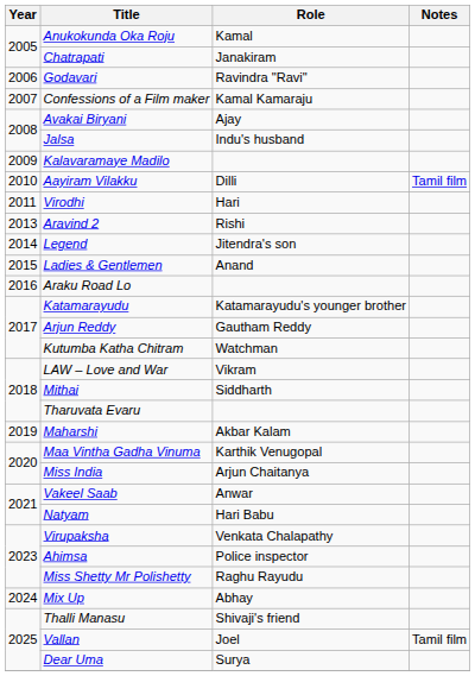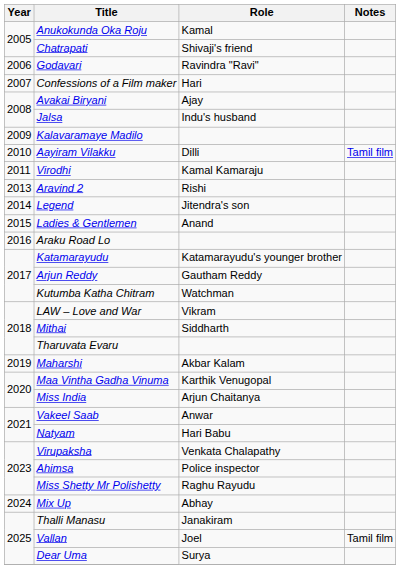 <table class="wikitable sortable">
 <tr>
 <th>Year</th>
 <th>Title</th>
 <th>Role</th>
 <th>Notes</th>
 </tr>
 <tr>
 <td rowspan="2">2005</td>
 <td><em><a href='#'>Anukokunda Oka Roju</a></em></td>
 <td>Kamal</td>
 <td></td>
 </tr>
 <tr>
 <td><em><a href='#'>Chatrapati</a></em></td>
-<td>Janakiram</td>
+<td>Shivaji's friend</td>
 <td></td>
 </tr>
 <tr>
 <td>2006</td>
 <td><em><a href='#'>Godavari</a></em></td>
 <td>Ravindra "Ravi"</td>
 <td></td>
 </tr>
 <tr>
 <td>2007</td>
 <td><em>Confessions of a Film maker</em></td>
-<td>Kamal Kamaraju</td>
+<td>Hari</td>
 <td></td>
 </tr>
 <tr>
 <td rowspan="2">2008</td>
 <td><em><a href='#'>Avakai Biryani</a></em></td>
 <td>Ajay</td>
 <td></td>
 </tr>
 <tr>
 <td><em><a href='#'>Jalsa</a></em></td>
 <td>Indu's husband</td>
 <td></td>
 </tr>
 <tr>
 <td>2009</td>
 <td><em><a href='#'>Kalavaramaye Madilo</a></em></td>
 <td></td>
 <td></td>
 </tr>
 <tr>
 <td>2010</td>
 <td><em><a href='#'>Aayiram Vilakku</a></em></td>
 <td>Dilli</td>
 <td><a href='#'>Tamil film</a></td>
 </tr>
 <tr>
 <td>2011</td>
 <td><em><a href='#'>Virodhi</a></em></td>
-<td>Hari</td>
+<td>Kamal Kamaraju</td>
 <td></td>
 </tr>
 <tr>
 <td>2013</td>
 <td><em><a href='#'>Aravind 2</a></em></td>
 <td>Rishi</td>
 <td></td>
 </tr>
 <tr>
 <td>2014</td>
 <td><em><a href='#'>Legend</a></em></td>
 <td>Jitendra's son</td>
 <td></td>
 </tr>
 <tr>
 <td>2015</td>
 <td><em><a href='#'>Ladies & Gentlemen</a></em></td>
 <td>Anand</td>
 <td></td>
 </tr>
 <tr>
 <td>2016</td>
 <td><em>Araku Road Lo</em></td>
 <td></td>
 <td></td>
 </tr>
 <tr>
 <td rowspan="3">2017</td>
 <td><em><a href='#'>Katamarayudu</a></em></td>
 <td>Katamarayudu's younger brother</td>
 <td></td>
 </tr>
 <tr>
 <td><em><a href='#'>Arjun Reddy</a></em></td>
 <td>Gautham Reddy</td>
 <td></td>
 </tr>
 <tr>
 <td><em>Kutumba Katha Chitram</em></td>
 <td>Watchman</td>
 <td></td>
 </tr>
 <tr>
 <td rowspan="3">2018</td>
 <td><em>LAW – Love and War</em></td>
 <td>Vikram</td>
 <td></td>
 </tr>
 <tr>
 <td><em><a href='#'>Mithai</a></em></td>
 <td>Siddharth</td>
 <td></td>
 </tr>
 <tr>
 <td><em>Tharuvata Evaru</em></td>
 <td></td>
 <td></td>
 </tr>
 <tr>
 <td>2019</td>
 <td><em><a href='#'>Maharshi</a></em></td>
 <td>Akbar Kalam</td>
 <td></td>
 </tr>
 <tr>
 <td rowspan="2">2020</td>
 <td><em><a href='#'>Maa Vintha Gadha Vinuma</a></em></td>
 <td>Karthik Venugopal</td>
 <td></td>
 </tr>
 <tr>
 <td><em><a href='#'>Miss India</a></em></td>
 <td>Arjun Chaitanya</td>
 <td></td>
 </tr>
 <tr>
 <td rowspan="2">2021</td>
 <td><em><a href='#'>Vakeel Saab</a></em></td>
 <td>Anwar</td>
 <td></td>
 </tr>
 <tr>
 <td><em><a href='#'>Natyam</a></em></td>
 <td>Hari Babu</td>
 <td></td>
 </tr>
 <tr>
 <td rowspan="3">2023</td>
 <td><em><a href='#'>Virupaksha</a></em></td>
 <td>Venkata Chalapathy</td>
 <td></td>
 </tr>
 <tr>
 <td><em><a href='#'>Ahimsa</a></em></td>
 <td>Police inspector</td>
 <td></td>
 </tr>
 <tr>
 <td><em><a href='#'>Miss Shetty Mr Polishetty</a></em></td>
 <td>Raghu Rayudu</td>
 <td></td>
 </tr>
 <tr>
 <td>2024</td>
 <td><em><a href='#'>Mix Up</a></em></td>
 <td>Abhay</td>
 <td></td>
 </tr>
 <tr>
 <td rowspan="3">2025</td>
 <td><em>Thalli Manasu</em></td>
-<td>Shivaji's friend</td>
+<td>Janakiram</td>
 <td></td>
 </tr>
 <tr>
 <td><em><a href='#'>Vallan</a></em></td>
 <td>Joel</td>
 <td>Tamil film</td>
 </tr>
 <tr>
 <td><a href='#'><em>Dear Uma</em></a></td>
 <td>Surya</td>
 <td></td>
 </tr>
 <tr>
 </tr>
 </table>
